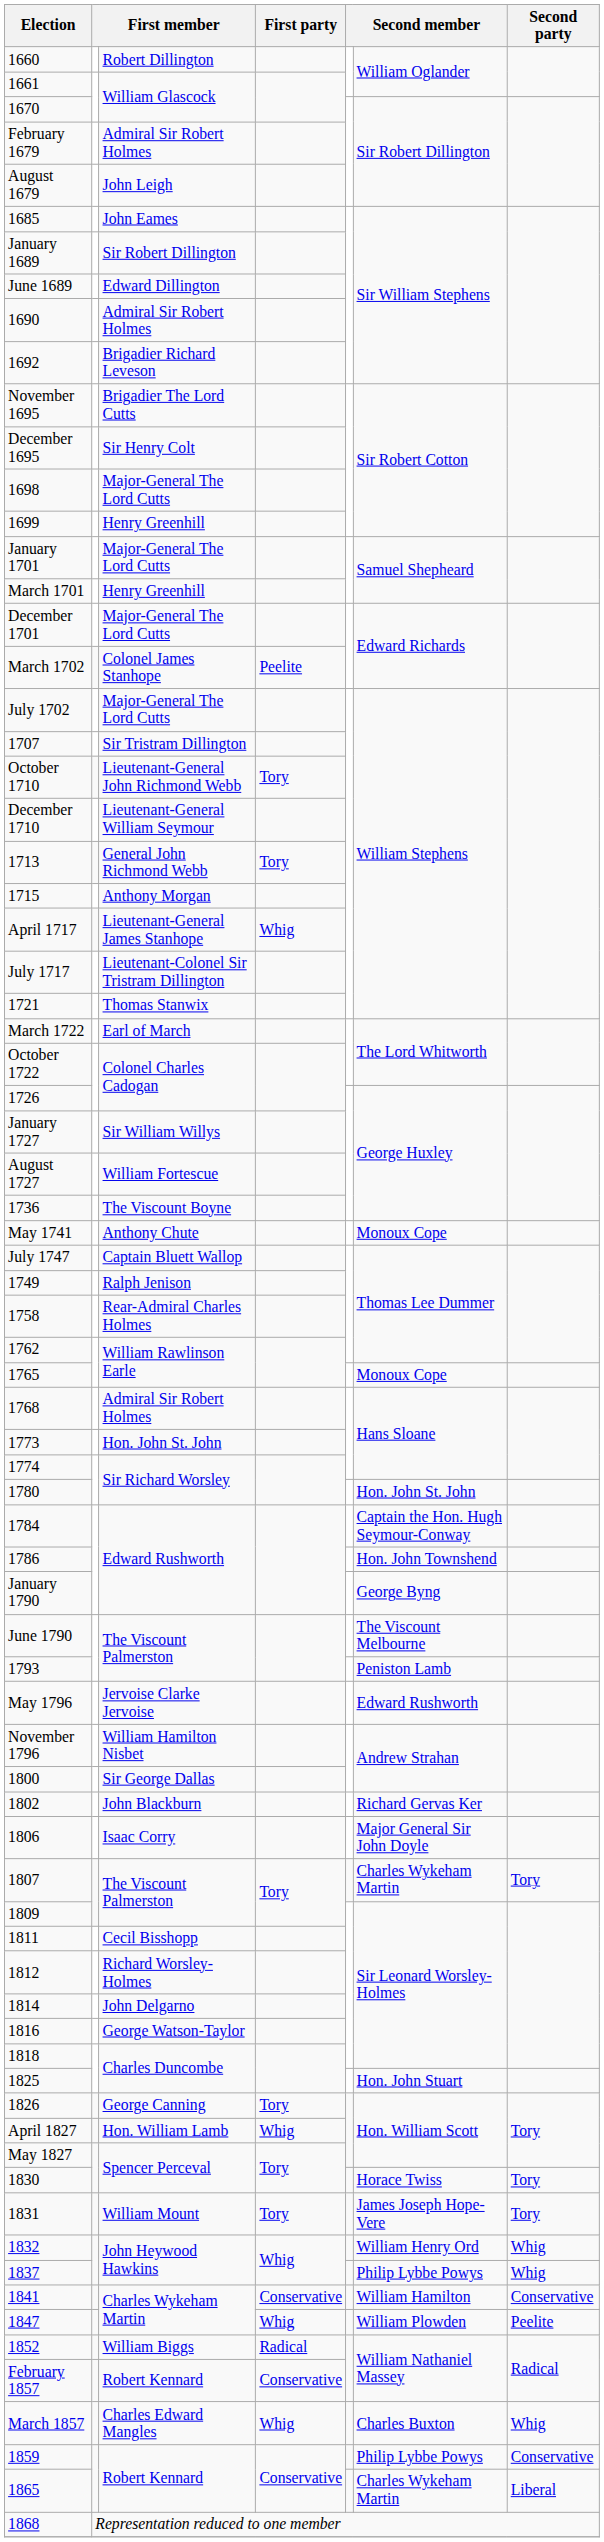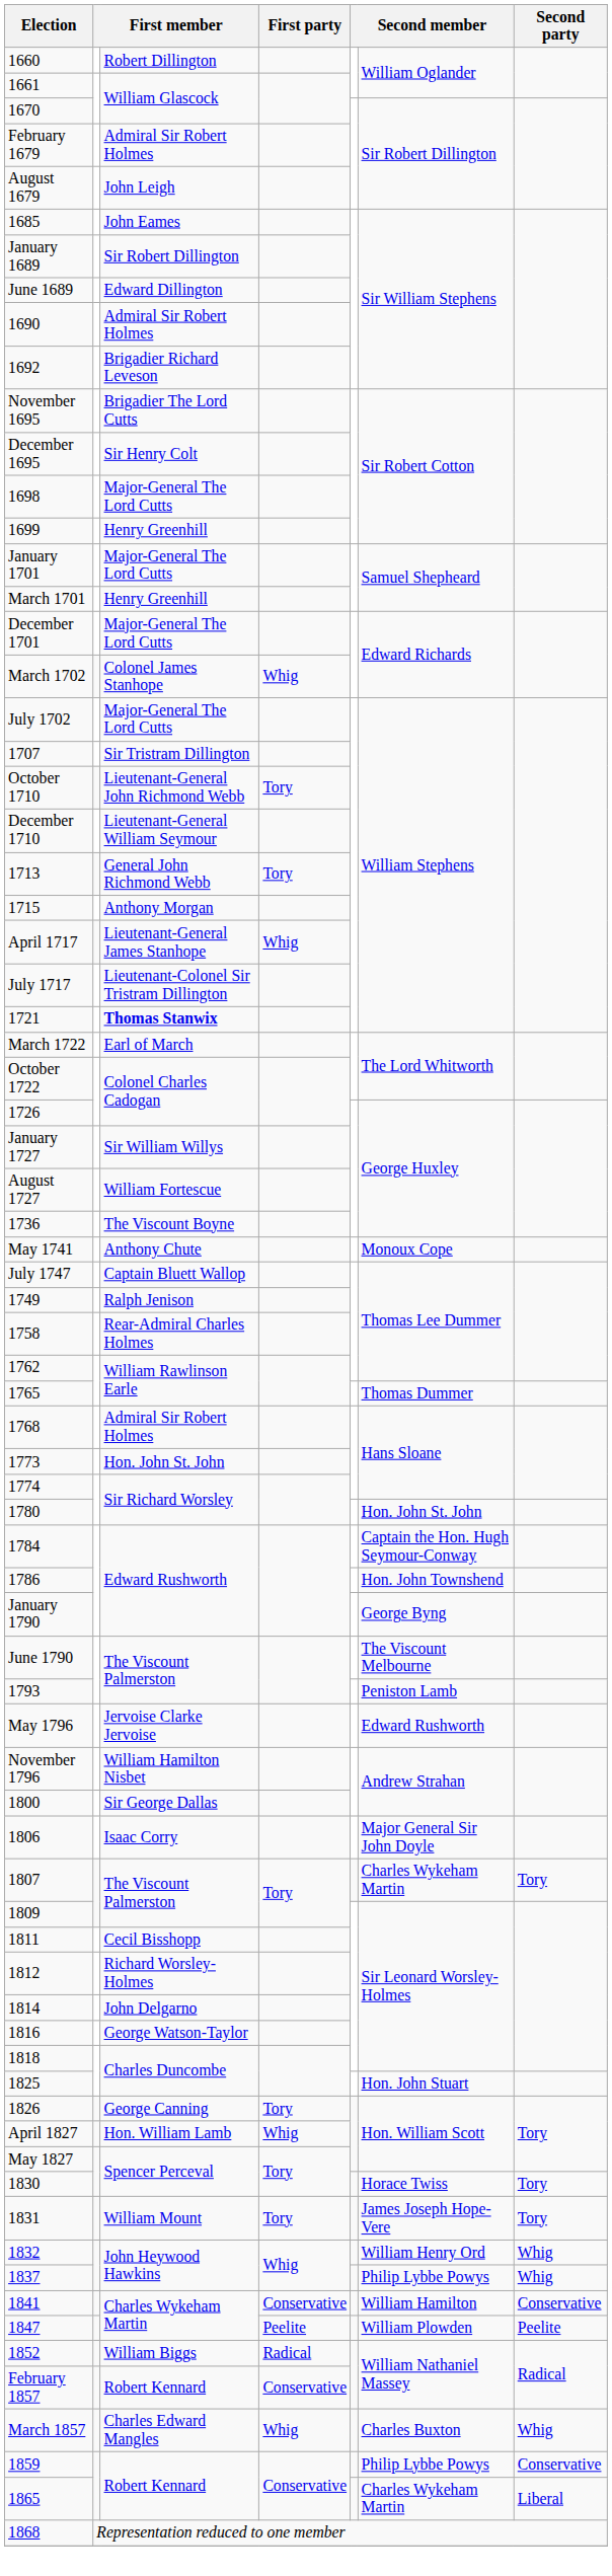 <table class="wikitable">
 <tr>
 <th>Election</th>
 <th colspan="2">First member</th>
 <th>First party</th>
 <th colspan="2">Second member</th>
 <th>Second party</th>
 </tr>
 <tr>
 <td>1660</td>
 <td style="color:inherit;background-color: white"></td>
 <td><a href='#'>Robert Dillington</a></td>
 <td></td>
 <td rowspan="2" style="color:inherit;background-color: white"></td>
 <td rowspan="2"><a href='#'>William Oglander</a></td>
 <td rowspan="2"></td>
 </tr>
 <tr>
 <td>1661</td>
 <td rowspan="2" style="color:inherit;background-color: white"></td>
 <td rowspan="2"><a href='#'>William Glascock</a></td>
 <td rowspan="2"></td>
 </tr>
 <tr>
 <td>1670</td>
 <td rowspan="3" style="color:inherit;background-color: white"></td>
 <td rowspan="3"><a href='#'>Sir Robert Dillington</a></td>
 <td rowspan="3"></td>
 </tr>
 <tr>
 <td>February 1679</td>
 <td style="color:inherit;background-color: white"></td>
 <td><a href='#'>Admiral Sir Robert Holmes</a></td>
 <td></td>
 </tr>
 <tr>
 <td>August 1679</td>
 <td style="color:inherit;background-color: white"></td>
 <td><a href='#'>John Leigh</a></td>
 <td></td>
 </tr>
 <tr>
 <td>1685</td>
 <td style="color:inherit;background-color: white"></td>
 <td><a href='#'>John Eames</a></td>
 <td></td>
 <td rowspan="5" style="color:inherit;background-color: white"></td>
 <td rowspan="5"><a href='#'>Sir William Stephens</a></td>
 <td rowspan="5"></td>
 </tr>
 <tr>
 <td>January 1689</td>
 <td style="color:inherit;background-color: white"></td>
 <td><a href='#'>Sir Robert Dillington</a></td>
 <td></td>
 </tr>
 <tr>
 <td>June 1689</td>
 <td style="color:inherit;background-color: white"></td>
 <td><a href='#'>Edward Dillington</a></td>
 <td></td>
 </tr>
 <tr>
 <td>1690</td>
 <td style="color:inherit;background-color: white"></td>
 <td><a href='#'>Admiral Sir Robert Holmes</a></td>
 <td></td>
 </tr>
 <tr>
 <td>1692</td>
 <td style="color:inherit;background-color: white"></td>
 <td><a href='#'>Brigadier Richard Leveson</a></td>
 <td></td>
 </tr>
 <tr>
 <td>November 1695</td>
 <td style="color:inherit;background-color: white"></td>
 <td><a href='#'>Brigadier The Lord Cutts</a></td>
 <td></td>
 <td rowspan="4" style="color:inherit;background-color: white"></td>
 <td rowspan="4"><a href='#'>Sir Robert Cotton</a></td>
 <td rowspan="4"></td>
 </tr>
 <tr>
 <td>December 1695</td>
 <td style="color:inherit;background-color: white"></td>
 <td><a href='#'>Sir Henry Colt</a></td>
 <td></td>
 </tr>
 <tr>
 <td>1698</td>
 <td style="color:inherit;background-color: white"></td>
 <td><a href='#'>Major-General The Lord Cutts</a></td>
 <td></td>
 </tr>
 <tr>
 <td>1699</td>
 <td style="color:inherit;background-color: white"></td>
 <td><a href='#'>Henry Greenhill</a></td>
 <td></td>
 </tr>
 <tr>
 <td>January 1701</td>
 <td style="color:inherit;background-color: white"></td>
 <td><a href='#'>Major-General The Lord Cutts</a></td>
 <td></td>
 <td rowspan="2" style="color:inherit;background-color: white"></td>
 <td rowspan="2"><a href='#'>Samuel Shepheard</a></td>
 <td rowspan="2"></td>
 </tr>
 <tr>
 <td>March 1701</td>
 <td style="color:inherit;background-color: white"></td>
 <td><a href='#'>Henry Greenhill</a></td>
 <td></td>
 </tr>
 <tr>
 <td>December 1701</td>
 <td style="color:inherit;background-color: white"></td>
 <td><a href='#'>Major-General The Lord Cutts</a></td>
 <td></td>
 <td rowspan="2" style="color:inherit;background-color: white"></td>
 <td rowspan="2"><a href='#'>Edward Richards</a></td>
 <td rowspan="2"></td>
 </tr>
 <tr>
 <td>March 1702</td>
 <td style="color:inherit;background-color: "></td>
 <td><a href='#'>Colonel James Stanhope</a></td>
-<td><a href='#'>Peelite</a></td>
+<td><a href='#'>Whig</a></td>
 </tr>
 <tr>
 <td>July 1702</td>
 <td style="color:inherit;background-color: white"></td>
 <td><a href='#'>Major-General The Lord Cutts</a></td>
 <td></td>
 <td rowspan="9" style="color:inherit;background-color: white"></td>
 <td rowspan="9"><a href='#'>William Stephens</a></td>
 <td rowspan="9"></td>
 </tr>
 <tr>
 <td>1707</td>
 <td style="color:inherit;background-color: white"></td>
 <td><a href='#'>Sir Tristram Dillington</a></td>
 <td></td>
 </tr>
 <tr>
 <td>October 1710</td>
 <td style="color:inherit;background-color: "></td>
 <td><a href='#'>Lieutenant-General John Richmond Webb</a></td>
 <td><a href='#'>Tory</a></td>
 </tr>
 <tr>
 <td>December 1710</td>
 <td style="color:inherit;background-color: white"></td>
 <td><a href='#'>Lieutenant-General William Seymour</a></td>
 <td></td>
 </tr>
 <tr>
 <td>1713</td>
 <td style="color:inherit;background-color: "></td>
 <td><a href='#'>General John Richmond Webb</a></td>
 <td><a href='#'>Tory</a></td>
 </tr>
 <tr>
 <td>1715</td>
 <td style="color:inherit;background-color: white"></td>
 <td><a href='#'>Anthony Morgan</a></td>
 <td></td>
 </tr>
 <tr>
 <td>April 1717</td>
 <td style="color:inherit;background-color: "></td>
 <td><a href='#'>Lieutenant-General James Stanhope</a></td>
 <td><a href='#'>Whig</a></td>
 </tr>
 <tr>
 <td>July 1717</td>
 <td style="color:inherit;background-color: white"></td>
 <td><a href='#'>Lieutenant-Colonel Sir Tristram Dillington</a></td>
 <td></td>
 </tr>
 <tr>
 <td>1721</td>
 <td style="color:inherit;background-color: white"></td>
-<td><a href='#'>Thomas Stanwix</a></td>
+<td><strong><a href='#'>Thomas Stanwix</a></strong></td>
 <td></td>
 </tr>
 <tr>
 <td>March 1722</td>
 <td style="color:inherit;background-color: white"></td>
 <td><a href='#'>Earl of March</a></td>
 <td></td>
 <td rowspan="2" style="color:inherit;background-color: white"></td>
 <td rowspan="2"><a href='#'>The Lord Whitworth</a></td>
 <td rowspan="2"></td>
 </tr>
 <tr>
 <td>October 1722</td>
 <td rowspan="2" style="color:inherit;background-color: white"></td>
 <td rowspan="2"><a href='#'>Colonel Charles Cadogan</a></td>
 <td rowspan="2"></td>
 </tr>
 <tr>
 <td>1726</td>
 <td rowspan="4" style="color:inherit;background-color: white"></td>
 <td rowspan="4"><a href='#'>George Huxley</a></td>
 <td rowspan="4"></td>
 </tr>
 <tr>
 <td>January 1727</td>
 <td style="color:inherit;background-color: white"></td>
 <td><a href='#'>Sir William Willys</a></td>
 <td></td>
 </tr>
 <tr>
 <td>August 1727</td>
 <td style="color:inherit;background-color: white"></td>
 <td><a href='#'>William Fortescue</a></td>
 <td></td>
 </tr>
 <tr>
 <td>1736</td>
 <td style="color:inherit;background-color: white"></td>
 <td><a href='#'>The Viscount Boyne</a></td>
 <td></td>
 </tr>
 <tr>
 <td>May 1741</td>
 <td style="color:inherit;background-color: white"></td>
 <td><a href='#'>Anthony Chute</a></td>
 <td></td>
 <td style="color:inherit;background-color: white"></td>
 <td><a href='#'>Monoux Cope</a></td>
 <td></td>
 </tr>
 <tr>
 <td>July 1747</td>
 <td style="color:inherit;background-color: white"></td>
 <td><a href='#'>Captain Bluett Wallop</a></td>
 <td></td>
 <td rowspan="4" style="color:inherit;background-color: white"></td>
 <td rowspan="4"><a href='#'>Thomas Lee Dummer</a></td>
 <td rowspan="4"></td>
 </tr>
 <tr>
 <td>1749</td>
 <td style="color:inherit;background-color: white"></td>
 <td><a href='#'>Ralph Jenison</a></td>
 <td></td>
 </tr>
 <tr>
 <td>1758</td>
 <td style="color:inherit;background-color: white"></td>
 <td><a href='#'>Rear-Admiral Charles Holmes</a></td>
 <td></td>
 </tr>
 <tr>
 <td>1762</td>
 <td rowspan="2" style="color:inherit;background-color: white"></td>
 <td rowspan="2"><a href='#'>William Rawlinson Earle</a></td>
 <td rowspan="2"></td>
 </tr>
 <tr>
 <td>1765</td>
 <td style="color:inherit;background-color: white"></td>
-<td><a href='#'>Monoux Cope</a></td>
+<td><a href='#'>Thomas Dummer</a></td>
 <td></td>
 </tr>
 <tr>
 <td>1768</td>
 <td style="color:inherit;background-color: white"></td>
 <td><a href='#'>Admiral Sir Robert Holmes</a></td>
 <td></td>
 <td rowspan="3" style="color:inherit;background-color: white"></td>
 <td rowspan="3"><a href='#'>Hans Sloane</a></td>
 <td rowspan="3"></td>
 </tr>
 <tr>
 <td>1773</td>
 <td style="color:inherit;background-color: white"></td>
 <td><a href='#'>Hon. John St. John</a></td>
 <td></td>
 </tr>
 <tr>
 <td>1774</td>
 <td rowspan="2" style="color:inherit;background-color: white"></td>
 <td rowspan="2"><a href='#'>Sir Richard Worsley</a></td>
 <td rowspan="2"></td>
 </tr>
 <tr>
 <td>1780</td>
 <td style="color:inherit;background-color: white"></td>
 <td><a href='#'>Hon. John St. John</a></td>
 <td></td>
 </tr>
 <tr>
 <td>1784</td>
 <td rowspan="3" style="color:inherit;background-color: white"></td>
 <td rowspan="3"><a href='#'>Edward Rushworth</a></td>
 <td rowspan="3"></td>
 <td style="color:inherit;background-color: white"></td>
 <td><a href='#'>Captain the Hon. Hugh Seymour-Conway</a></td>
 <td></td>
 </tr>
 <tr>
 <td>1786</td>
 <td style="color:inherit;background-color: white"></td>
 <td><a href='#'>Hon. John Townshend</a></td>
 <td></td>
 </tr>
 <tr>
 <td>January 1790</td>
 <td style="color:inherit;background-color: white"></td>
 <td><a href='#'>George Byng</a></td>
 <td></td>
 </tr>
 <tr>
 <td>June 1790</td>
 <td rowspan="2" style="color:inherit;background-color: white"></td>
 <td rowspan="2"><a href='#'>The Viscount Palmerston</a></td>
 <td rowspan="2"></td>
 <td style="color:inherit;background-color: white"></td>
 <td><a href='#'>The Viscount Melbourne</a></td>
 <td></td>
 </tr>
 <tr>
 <td>1793</td>
 <td style="color:inherit;background-color: white"></td>
 <td><a href='#'>Peniston Lamb</a></td>
 <td></td>
 </tr>
 <tr>
 <td>May 1796</td>
 <td style="color:inherit;background-color: white"></td>
 <td><a href='#'>Jervoise Clarke Jervoise</a></td>
 <td></td>
 <td style="color:inherit;background-color: white"></td>
 <td><a href='#'>Edward Rushworth</a></td>
 <td></td>
 </tr>
 <tr>
 <td>November 1796</td>
 <td style="color:inherit;background-color: white"></td>
 <td><a href='#'>William Hamilton Nisbet</a></td>
 <td></td>
 <td rowspan="2" style="color:inherit;background-color: white"></td>
 <td rowspan="2"><a href='#'>Andrew Strahan</a></td>
 <td rowspan="2"></td>
 </tr>
 <tr>
 <td>1800</td>
 <td style="color:inherit;background-color: white"></td>
 <td><a href='#'>Sir George Dallas</a></td>
-<td></td>
-</tr>
-<tr>
-<td>1802</td>
-<td style="color:inherit;background-color: white"></td>
-<td><a href='#'>John Blackburn</a></td>
-<td></td>
-<td style="color:inherit;background-color: white"></td>
-<td><a href='#'>Richard Gervas Ker</a></td>
 <td></td>
 </tr>
 <tr>
 <td>1806</td>
 <td style="color:inherit;background-color: white"></td>
 <td><a href='#'>Isaac Corry</a></td>
 <td></td>
 <td style="color:inherit;background-color: white"></td>
 <td><a href='#'>Major General Sir John Doyle</a></td>
 <td></td>
 </tr>
 <tr>
 <td>1807</td>
 <td rowspan="2" style="color:inherit;background-color: "></td>
 <td rowspan="2"><a href='#'>The Viscount Palmerston</a></td>
 <td rowspan="2"><a href='#'>Tory</a></td>
 <td style="color:inherit;background-color: "></td>
 <td><a href='#'>Charles Wykeham Martin</a></td>
 <td><a href='#'>Tory</a></td>
 </tr>
 <tr>
 <td>1809</td>
 <td rowspan="6" style="color:inherit;background-color: white"></td>
 <td rowspan="6"><a href='#'>Sir Leonard Worsley-Holmes</a></td>
 <td rowspan="6"></td>
 </tr>
 <tr>
 <td>1811</td>
 <td style="color:inherit;background-color: white"></td>
 <td><a href='#'>Cecil Bisshopp</a></td>
 <td></td>
 </tr>
 <tr>
 <td>1812</td>
 <td style="color:inherit;background-color: white"></td>
 <td><a href='#'>Richard Worsley-Holmes</a></td>
 <td></td>
 </tr>
 <tr>
 <td>1814</td>
 <td style="color:inherit;background-color: white"></td>
 <td><a href='#'>John Delgarno</a></td>
 <td></td>
 </tr>
 <tr>
 <td>1816</td>
 <td style="color:inherit;background-color: white"></td>
 <td><a href='#'>George Watson-Taylor</a></td>
 <td></td>
 </tr>
 <tr>
 <td>1818</td>
 <td rowspan="2" style="color:inherit;background-color: white"></td>
 <td rowspan="2"><a href='#'>Charles Duncombe</a></td>
 <td rowspan="2"></td>
 </tr>
 <tr>
 <td>1825</td>
 <td style="color:inherit;background-color: white"></td>
 <td><a href='#'>Hon. John Stuart</a></td>
 <td></td>
 </tr>
 <tr>
 <td>1826</td>
 <td style="color:inherit;background-color: "></td>
 <td><a href='#'>George Canning</a></td>
 <td><a href='#'>Tory</a></td>
 <td rowspan="3" style="color:inherit;background-color: "></td>
 <td rowspan="3"><a href='#'>Hon. William Scott</a></td>
 <td rowspan="3"><a href='#'>Tory</a></td>
 </tr>
 <tr>
 <td>April 1827</td>
 <td style="color:inherit;background-color: "></td>
 <td><a href='#'>Hon. William Lamb</a></td>
 <td><a href='#'>Whig</a></td>
 </tr>
 <tr>
 <td>May 1827</td>
 <td rowspan="2" style="color:inherit;background-color: "></td>
 <td rowspan="2"><a href='#'>Spencer Perceval</a></td>
 <td rowspan="2"><a href='#'>Tory</a></td>
 </tr>
 <tr>
 <td>1830</td>
 <td style="color:inherit;background-color: "></td>
 <td><a href='#'>Horace Twiss</a></td>
 <td><a href='#'>Tory</a></td>
 </tr>
 <tr>
 <td>1831</td>
 <td style="color:inherit;background-color: "></td>
 <td><a href='#'>William Mount</a></td>
 <td><a href='#'>Tory</a></td>
 <td style="color:inherit;background-color: "></td>
 <td><a href='#'>James Joseph Hope-Vere</a></td>
 <td><a href='#'>Tory</a></td>
 </tr>
 <tr>
 <td><a href='#'>1832</a></td>
 <td rowspan="2" style="color:inherit;background-color: "></td>
 <td rowspan="2"><a href='#'>John Heywood Hawkins</a></td>
 <td rowspan="2"><a href='#'>Whig</a></td>
 <td style="color:inherit;background-color: "></td>
 <td><a href='#'>William Henry Ord</a></td>
 <td><a href='#'>Whig</a></td>
 </tr>
 <tr>
 <td><a href='#'>1837</a></td>
 <td style="color:inherit;background-color: "></td>
 <td><a href='#'>Philip Lybbe Powys</a></td>
 <td><a href='#'>Whig</a></td>
 </tr>
 <tr>
 <td><a href='#'>1841</a></td>
 <td style="color:inherit;background-color: "></td>
 <td rowspan="2"><a href='#'>Charles Wykeham Martin</a></td>
 <td><a href='#'>Conservative</a></td>
 <td style="color:inherit;background-color: "></td>
 <td><a href='#'>William Hamilton</a></td>
 <td><a href='#'>Conservative</a></td>
 </tr>
 <tr>
 <td><a href='#'>1847</a></td>
 <td style="color:inherit;background-color: "></td>
-<td><a href='#'>Whig</a></td>
+<td><a href='#'>Peelite</a></td>
 <td style="color:inherit;background-color: "></td>
 <td><a href='#'>William Plowden</a></td>
 <td><a href='#'>Peelite</a></td>
 </tr>
 <tr>
 <td><a href='#'>1852</a></td>
 <td style="color:inherit;background-color: "></td>
 <td><a href='#'>William Biggs</a></td>
 <td><a href='#'>Radical</a></td>
 <td rowspan="2" style="color:inherit;background-color: "></td>
 <td rowspan="2"><a href='#'>William Nathaniel Massey</a></td>
 <td rowspan="2"><a href='#'>Radical</a></td>
 </tr>
 <tr>
 <td><a href='#'>February 1857</a></td>
 <td style="color:inherit;background-color: "></td>
 <td><a href='#'>Robert Kennard</a></td>
 <td><a href='#'>Conservative</a></td>
 </tr>
 <tr>
 <td><a href='#'>March 1857</a></td>
 <td style="color:inherit;background-color: "></td>
 <td><a href='#'>Charles Edward Mangles</a></td>
 <td><a href='#'>Whig</a></td>
 <td style="color:inherit;background-color: "></td>
 <td><a href='#'>Charles Buxton</a></td>
 <td><a href='#'>Whig</a></td>
 </tr>
 <tr>
 <td><a href='#'>1859</a></td>
 <td rowspan="2" style="color:inherit;background-color: "></td>
 <td rowspan="2"><a href='#'>Robert Kennard</a></td>
 <td rowspan="2"><a href='#'>Conservative</a></td>
 <td style="color:inherit;background-color: "></td>
 <td><a href='#'>Philip Lybbe Powys</a></td>
 <td><a href='#'>Conservative</a></td>
 </tr>
 <tr>
 <td><a href='#'>1865</a></td>
 <td style="color:inherit;background-color: "></td>
 <td><a href='#'>Charles Wykeham Martin</a></td>
 <td><a href='#'>Liberal</a></td>
 </tr>
 <tr>
 <td><a href='#'>1868</a></td>
 <td colspan="6"><em>Representation reduced to one member</em></td>
 </tr>
 <tr>
 </tr>
 </table>
